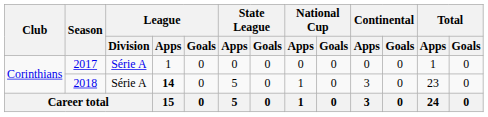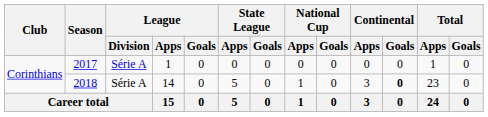 <table class="wikitable" style="text-align: center;">
 <tr>
 <th rowspan="2">Club</th>
 <th rowspan="2">Season</th>
 <th colspan="3">League</th>
 <th colspan="2">State League</th>
 <th colspan="2">National Cup</th>
 <th colspan="2">Continental</th>
 <th colspan="2">Total</th>
 </tr>
 <tr>
 <th>Division</th>
 <th>Apps</th>
 <th>Goals</th>
 <th>Apps</th>
 <th>Goals</th>
 <th>Apps</th>
 <th>Goals</th>
 <th>Apps</th>
 <th>Goals</th>
 <th>Apps</th>
 <th>Goals</th>
 </tr>
 <tr>
 <td rowspan="2" valign="center"><a href='#'>Corinthians</a></td>
 <td><a href='#'>2017</a></td>
 <td><a href='#'>Série A</a></td>
 <td>1</td>
 <td>0</td>
 <td>0</td>
 <td>0</td>
 <td>0</td>
 <td>0</td>
 <td>0</td>
 <td>0</td>
 <td>1</td>
 <td>0</td>
 </tr>
 <tr>
 <td><a href='#'>2018</a></td>
 <td>Série A</td>
-<td><strong>14</strong></td>
+<td>14</td>
 <td>0</td>
 <td>5</td>
 <td>0</td>
 <td>1</td>
 <td>0</td>
 <td>3</td>
-<td>0</td>
+<td><strong>0</strong></td>
 <td>23</td>
 <td>0</td>
 </tr>
 <tr>
 <th colspan="3">Career total</th>
 <th>15</th>
 <th>0</th>
 <th>5</th>
 <th>0</th>
 <th>1</th>
 <th>0</th>
 <th>3</th>
 <th>0</th>
 <th>24</th>
 <th>0</th>
 </tr>
 </table>
